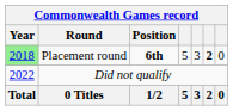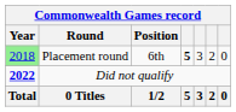 <table class="wikitable" style="text-align: center;">
 <tr>
 <th colspan=7><a href='#'>Commonwealth Games record</a></th>
 </tr>
 <tr>
 <th>Year</th>
 <th>Round</th>
 <th>Position</th>
 <th></th>
 <th></th>
 <th></th>
 <th></th>
 </tr>
 <tr>
 <td style="background: lightgreen;"> <a href='#'>2018</a></td>
 <td>Placement round</td>
-<td><strong>6th</strong></td>
-<td>5</td>
+<td>6th</td>
+<td><strong>5</strong></td>
 <td>3</td>
-<td><strong>2</strong></td>
+<td>2</td>
 <td>0</td>
 </tr>
 <tr>
-<td> <a href='#'>2022</a></td>
+<td><strong> <a href='#'>2022</a></strong></td>
 <td colspan="6"><em>Did not qualify</em></td>
 </tr>
 <tr>
 <th>Total</th>
 <th>0 Titles</th>
 <th>1/2</th>
 <th>5</th>
 <th>3</th>
 <th>2</th>
 <th>0</th>
 </tr>
 </table>
